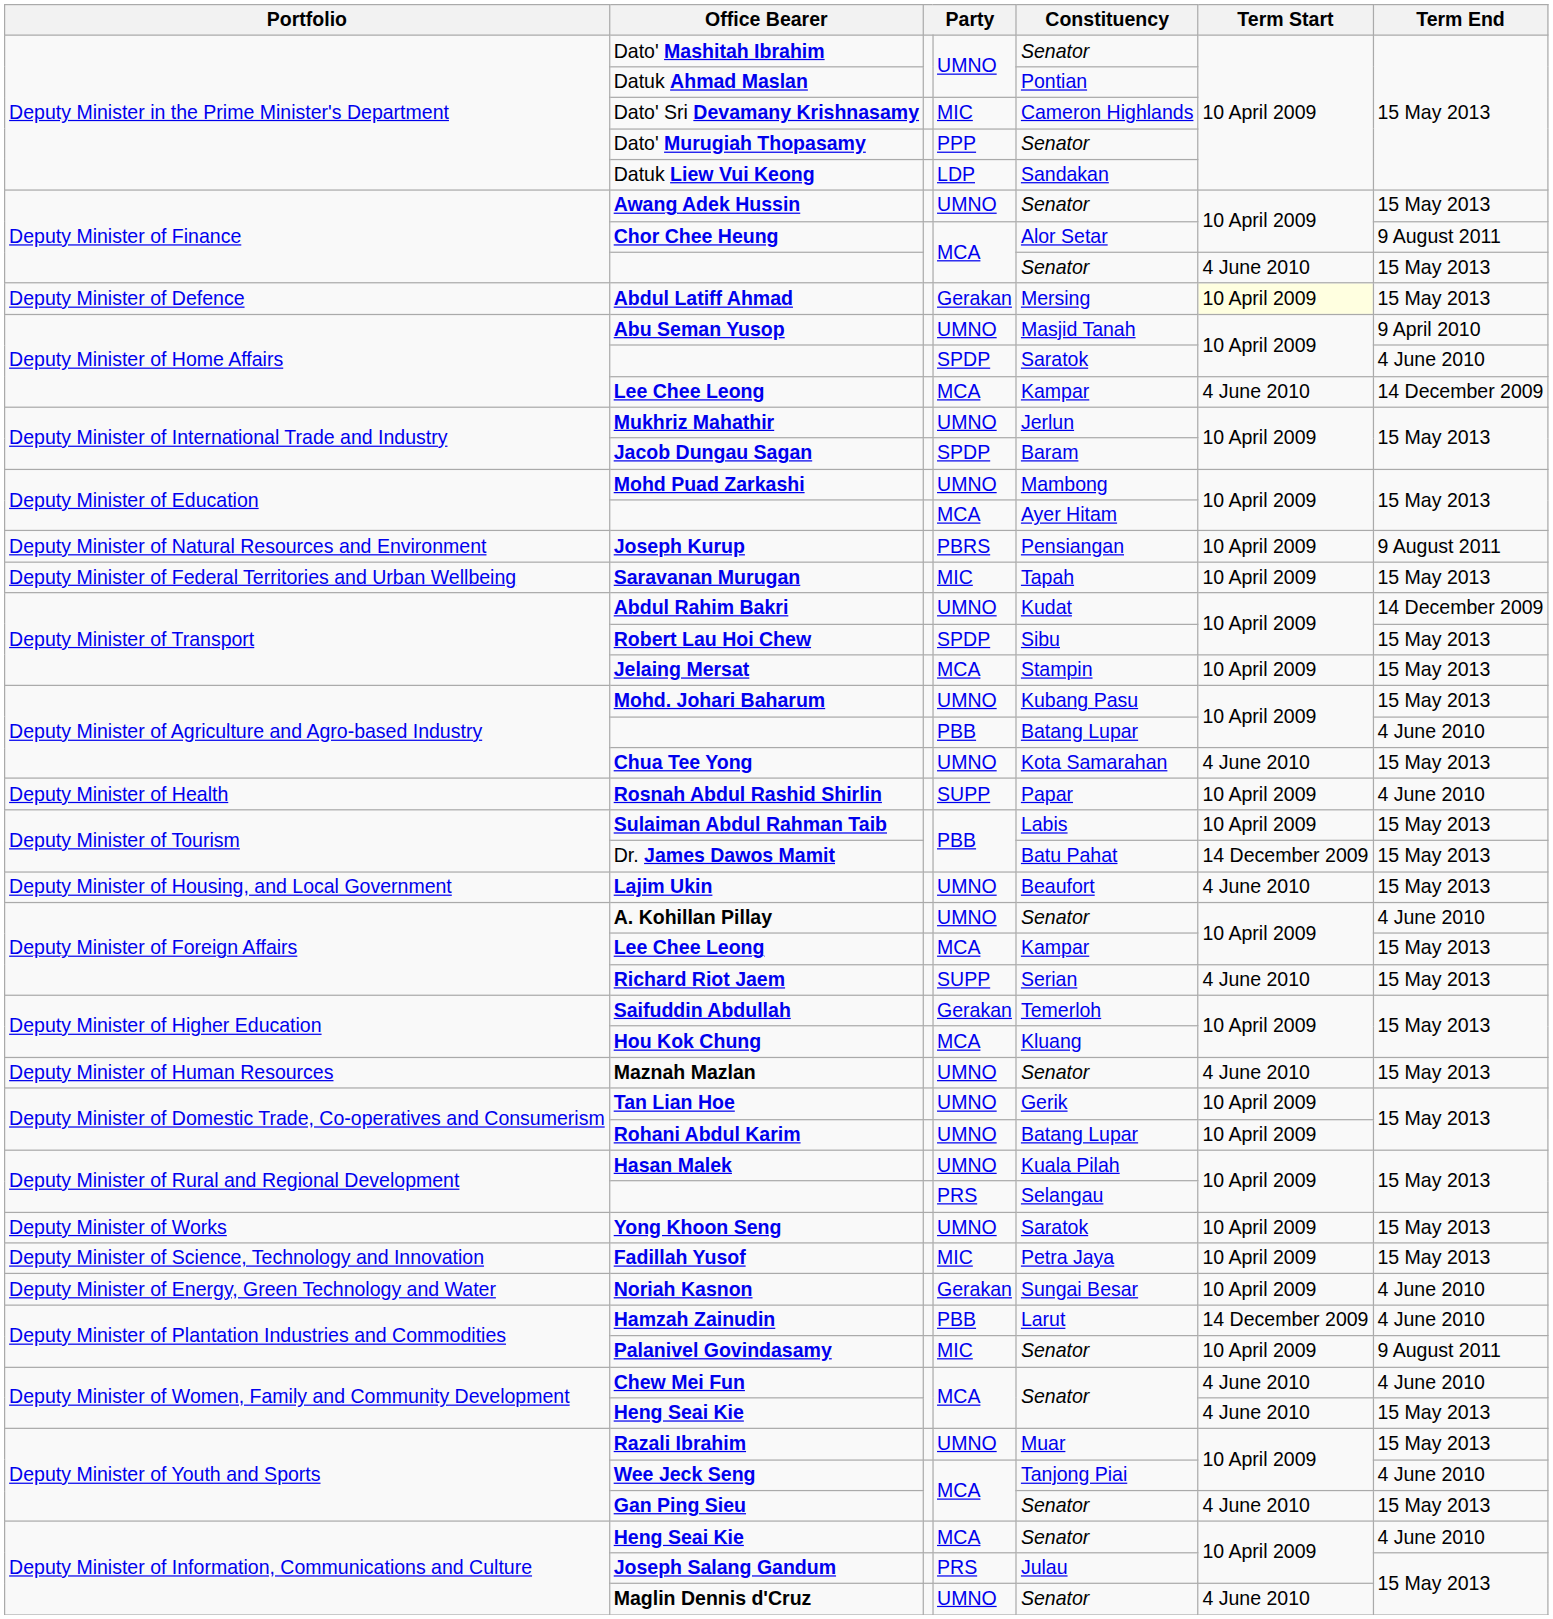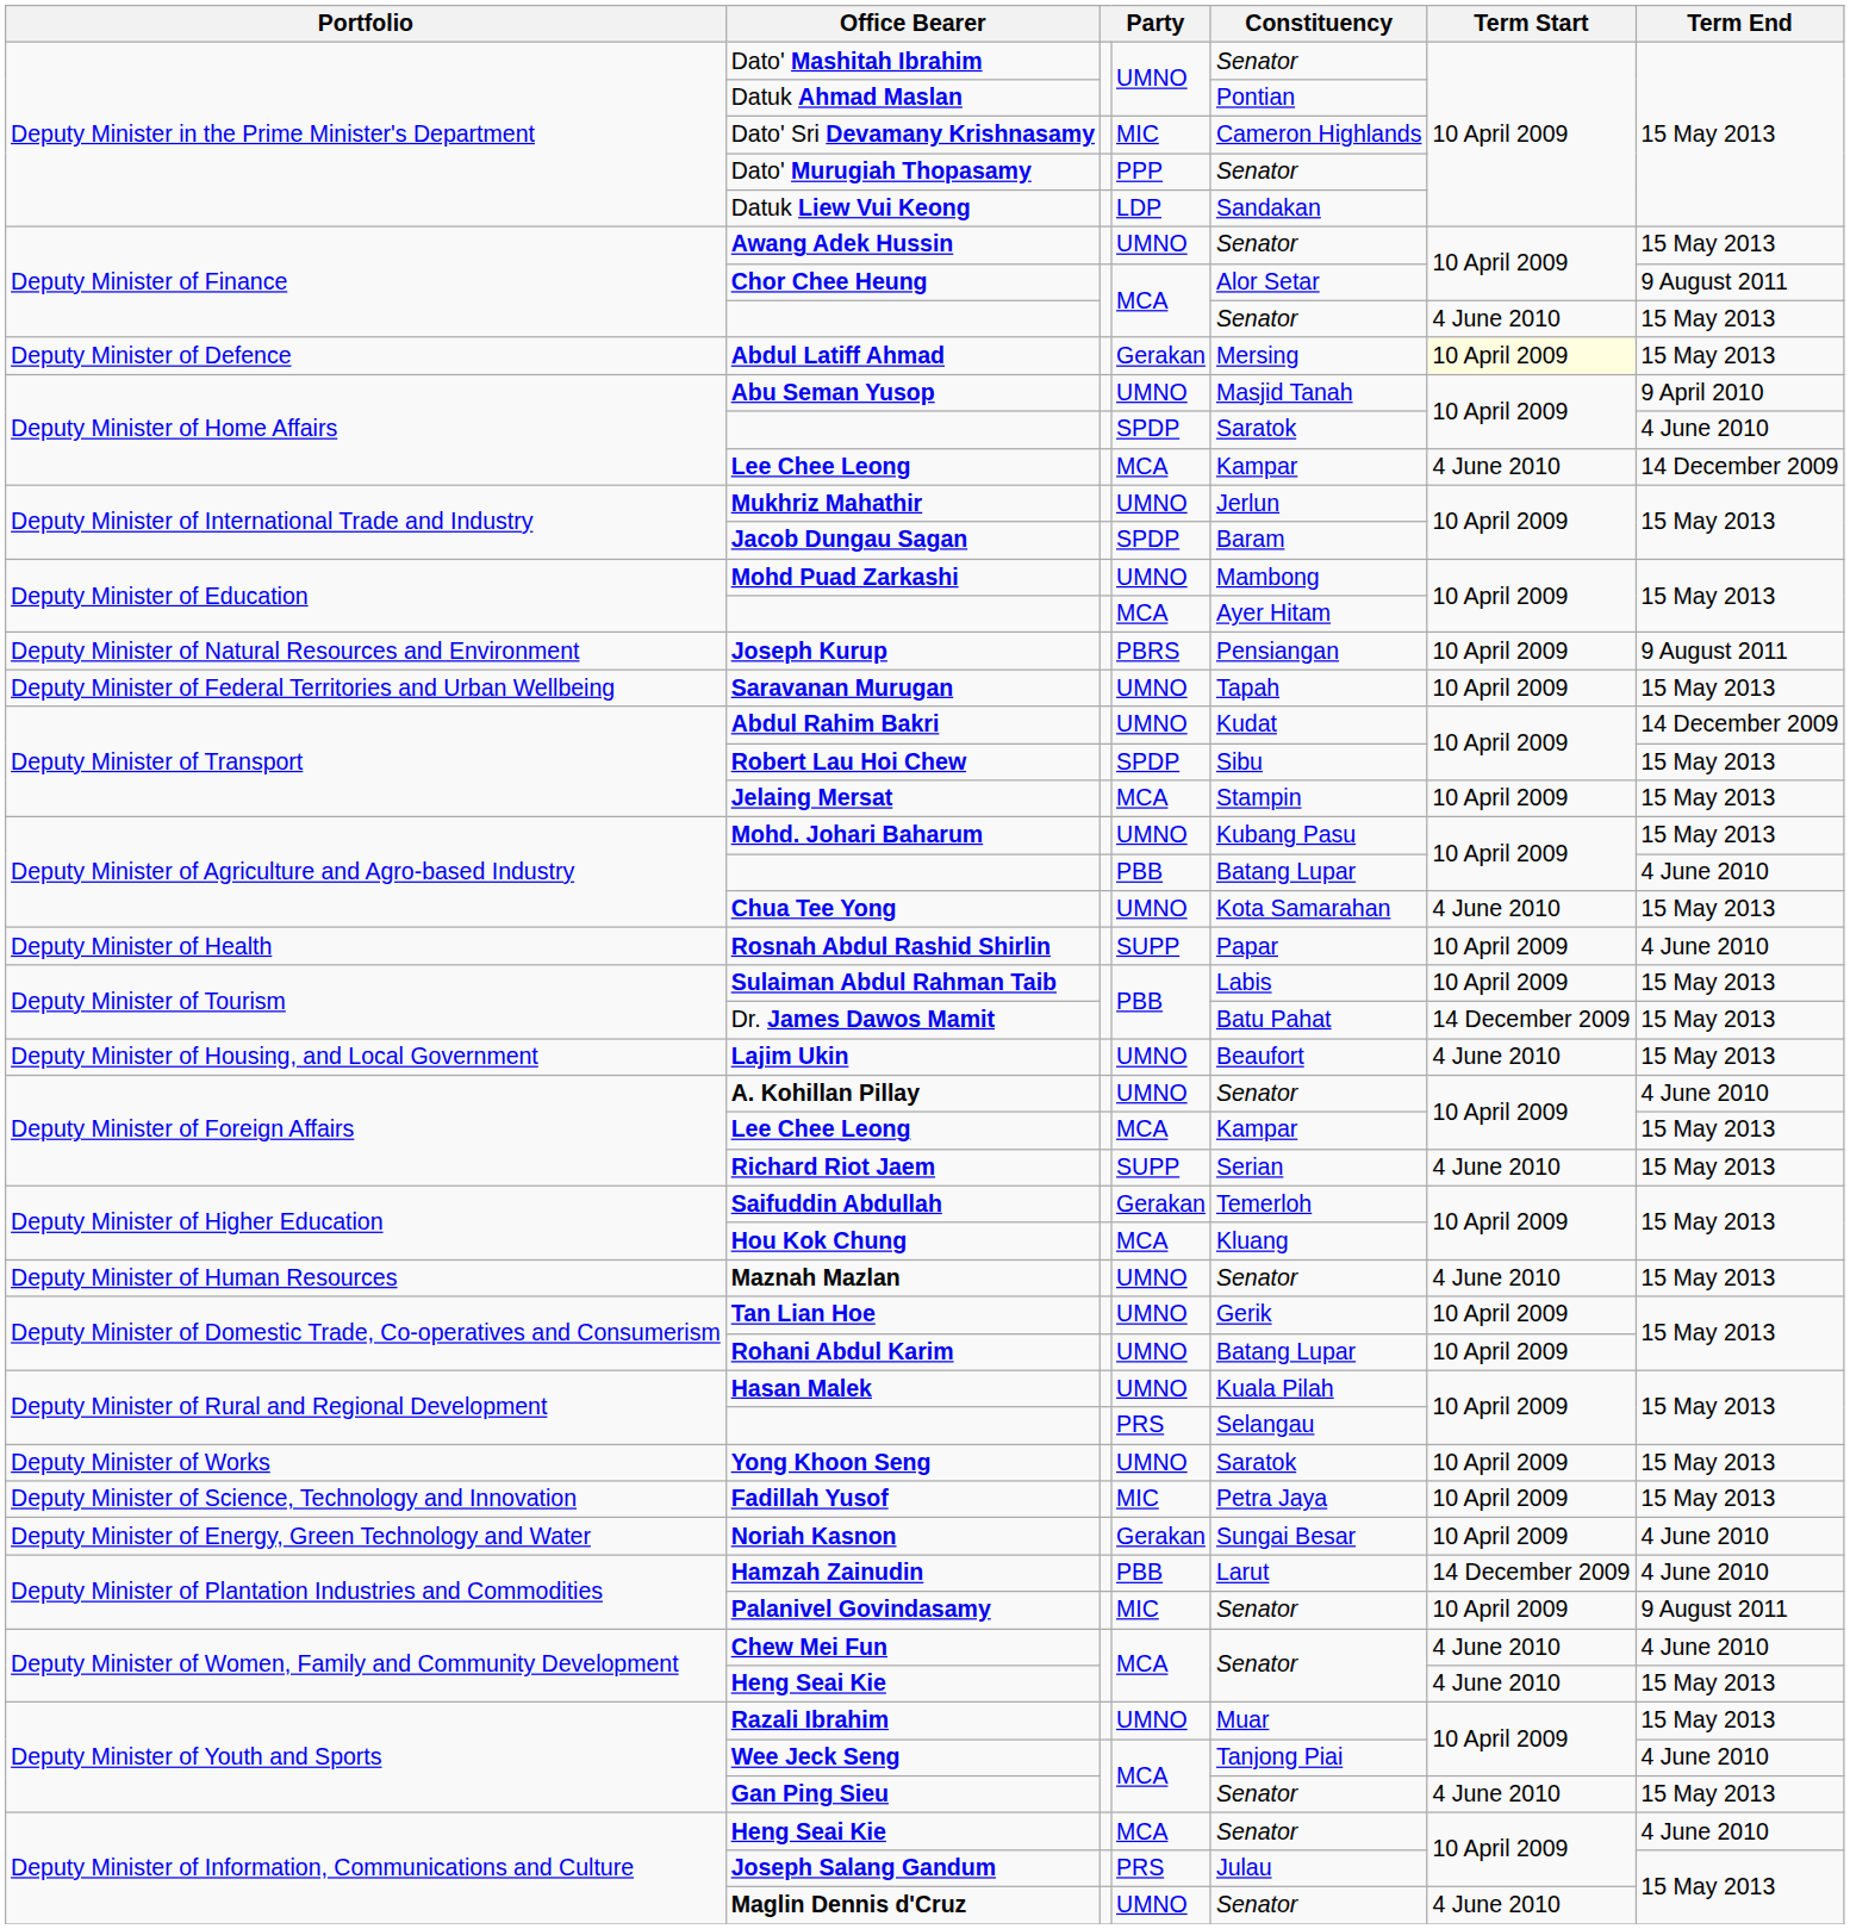 <table class="sortable wikitable">
 <tr>
 <th>Portfolio</th>
 <th>Office Bearer</th>
 <th colspan=2>Party</th>
 <th>Constituency</th>
 <th>Term Start</th>
 <th>Term End</th>
 </tr>
 <tr>
 <td rowspan=5><a href='#'>Deputy Minister in the Prime Minister's Department</a></td>
 <td>Dato' <strong><a href='#'>Mashitah Ibrahim</a></strong></td>
 <td rowspan=2></td>
 <td rowspan=2><a href='#'>UMNO</a></td>
 <td><em>Senator</em></td>
 <td rowspan=5>10 April 2009</td>
 <td rowspan=5>15 May 2013</td>
 </tr>
 <tr>
 <td>Datuk <strong><a href='#'>Ahmad Maslan</a></strong> </td>
 <td><a href='#'>Pontian</a></td>
 </tr>
 <tr>
 <td>Dato' Sri <strong><a href='#'>Devamany Krishnasamy</a></strong> </td>
 <td></td>
 <td><a href='#'>MIC</a></td>
 <td><a href='#'>Cameron Highlands</a></td>
 </tr>
 <tr>
 <td>Dato' <strong><a href='#'>Murugiah Thopasamy</a></strong></td>
 <td></td>
 <td><a href='#'>PPP</a></td>
 <td><em>Senator</em></td>
 </tr>
 <tr>
 <td>Datuk <strong><a href='#'>Liew Vui Keong</a></strong> </td>
 <td></td>
 <td><a href='#'>LDP</a></td>
 <td><a href='#'>Sandakan</a></td>
 </tr>
 <tr>
 <td rowspan="3"><a href='#'>Deputy Minister of Finance</a></td>
 <td><strong><a href='#'>Awang Adek Hussin</a></strong></td>
 <td rowspan=1></td>
 <td><a href='#'>UMNO</a></td>
 <td><em>Senator</em></td>
 <td rowspan=2>10 April 2009</td>
 <td>15 May 2013</td>
 </tr>
 <tr>
 <td><strong><a href='#'>Chor Chee Heung</a></strong></td>
 <td rowspan=2></td>
 <td rowspan=2><a href='#'>MCA</a></td>
 <td><a href='#'>Alor Setar</a></td>
 <td>9 August 2011</td>
 </tr>
 <tr>
 <td><strong></strong></td>
 <td><em>Senator</em></td>
 <td>4 June 2010</td>
 <td>15 May 2013</td>
 </tr>
 <tr>
 <td><a href='#'>Deputy Minister of Defence</a></td>
 <td><strong><a href='#'>Abdul Latiff Ahmad</a></strong></td>
 <td rowspan=1></td>
 <td><a href='#'>Gerakan</a></td>
 <td><a href='#'>Mersing</a></td>
 <td style="background: lightyellow;">10 April 2009</td>
 <td>15 May 2013</td>
 </tr>
 <tr>
 <td rowspan=3><a href='#'>Deputy Minister of Home Affairs</a></td>
 <td><strong><a href='#'>Abu Seman Yusop</a></strong></td>
 <td rowspan=1></td>
 <td><a href='#'>UMNO</a></td>
 <td><a href='#'>Masjid Tanah</a></td>
 <td rowspan=2>10 April 2009</td>
 <td>9 April 2010</td>
 </tr>
 <tr>
 <td><strong></strong></td>
 <td rowspan=1></td>
 <td><a href='#'>SPDP</a></td>
 <td><a href='#'>Saratok</a></td>
 <td>4 June 2010</td>
 </tr>
 <tr>
 <td><strong><a href='#'>Lee Chee Leong</a></strong></td>
 <td rowspan=1></td>
 <td><a href='#'>MCA</a></td>
 <td><a href='#'>Kampar</a></td>
 <td>4 June 2010</td>
 <td>14 December 2009</td>
 </tr>
 <tr>
 <td rowspan="2"><a href='#'>Deputy Minister of International Trade and Industry</a></td>
 <td><strong><a href='#'>Mukhriz Mahathir</a></strong></td>
 <td rowspan=1></td>
 <td><a href='#'>UMNO</a></td>
 <td><a href='#'>Jerlun</a></td>
 <td rowspan=2>10 April 2009</td>
 <td rowspan=2>15 May 2013</td>
 </tr>
 <tr>
 <td><strong><a href='#'>Jacob Dungau Sagan</a></strong></td>
 <td rowspan=1></td>
 <td><a href='#'>SPDP</a></td>
 <td><a href='#'>Baram</a></td>
 </tr>
 <tr>
 <td rowspan="2"><a href='#'>Deputy Minister of Education</a></td>
 <td><strong><a href='#'>Mohd Puad Zarkashi</a></strong></td>
 <td rowspan=1></td>
 <td><a href='#'>UMNO</a></td>
 <td><a href='#'>Mambong</a></td>
 <td rowspan=2>10 April 2009</td>
 <td rowspan=2>15 May 2013</td>
 </tr>
 <tr>
 <td><strong></strong></td>
 <td rowspan=1></td>
 <td><a href='#'>MCA</a></td>
 <td><a href='#'>Ayer Hitam</a></td>
 </tr>
 <tr>
 <td><a href='#'>Deputy Minister of Natural Resources and Environment</a></td>
 <td><strong><a href='#'>Joseph Kurup</a></strong></td>
 <td rowspan=1></td>
 <td><a href='#'>PBRS</a></td>
 <td><a href='#'>Pensiangan</a></td>
 <td>10 April 2009</td>
 <td>9 August 2011</td>
 </tr>
 <tr>
 <td><a href='#'>Deputy Minister of Federal Territories and Urban Wellbeing</a></td>
 <td><strong><a href='#'>Saravanan Murugan</a></strong></td>
 <td rowspan=1></td>
-<td><a href='#'>MIC</a></td>
+<td><a href='#'>UMNO</a></td>
 <td><a href='#'>Tapah</a></td>
 <td>10 April 2009</td>
 <td>15 May 2013</td>
 </tr>
 <tr>
 <td rowspan=3><a href='#'>Deputy Minister of Transport</a></td>
 <td><strong><a href='#'>Abdul Rahim Bakri</a></strong></td>
 <td rowspan=1></td>
 <td><a href='#'>UMNO</a></td>
 <td><a href='#'>Kudat</a></td>
 <td rowspan=2>10 April 2009</td>
 <td>14 December 2009</td>
 </tr>
 <tr>
 <td><strong><a href='#'>Robert Lau Hoi Chew</a></strong></td>
 <td rowspan=1></td>
 <td><a href='#'>SPDP</a></td>
 <td><a href='#'>Sibu</a></td>
 <td>15 May 2013</td>
 </tr>
 <tr>
 <td><strong><a href='#'>Jelaing Mersat</a></strong></td>
 <td rowspan=1></td>
 <td><a href='#'>MCA</a></td>
 <td><a href='#'>Stampin</a></td>
 <td>10 April 2009</td>
 <td>15 May 2013</td>
 </tr>
 <tr>
 <td rowspan=3><a href='#'>Deputy Minister of Agriculture and Agro-based Industry</a></td>
 <td><strong><a href='#'>Mohd. Johari Baharum</a></strong></td>
 <td rowspan=1></td>
 <td><a href='#'>UMNO</a></td>
 <td><a href='#'>Kubang Pasu</a></td>
 <td rowspan=2>10 April 2009</td>
 <td>15 May 2013</td>
 </tr>
 <tr>
 <td><strong></strong></td>
 <td rowspan=1></td>
 <td><a href='#'>PBB</a></td>
 <td><a href='#'>Batang Lupar</a></td>
 <td>4 June 2010</td>
 </tr>
 <tr>
 <td><strong><a href='#'>Chua Tee Yong</a></strong></td>
 <td rowspan=1></td>
 <td><a href='#'>UMNO</a></td>
 <td><a href='#'>Kota Samarahan</a></td>
 <td>4 June 2010</td>
 <td>15 May 2013</td>
 </tr>
 <tr>
 <td><a href='#'>Deputy Minister of Health</a></td>
 <td><strong><a href='#'>Rosnah Abdul Rashid Shirlin</a></strong></td>
 <td rowspan=1></td>
 <td><a href='#'>SUPP</a></td>
 <td><a href='#'>Papar</a></td>
 <td>10 April 2009</td>
 <td>4 June 2010</td>
 </tr>
 <tr>
 <td rowspan=2><a href='#'>Deputy Minister of Tourism</a></td>
 <td><strong><a href='#'>Sulaiman Abdul Rahman Taib</a></strong></td>
 <td rowspan=2></td>
 <td rowspan=2><a href='#'>PBB</a></td>
 <td><a href='#'>Labis</a></td>
 <td>10 April 2009</td>
 <td>15 May 2013</td>
 </tr>
 <tr>
 <td>Dr. <strong><a href='#'>James Dawos Mamit</a></strong></td>
 <td><a href='#'>Batu Pahat</a></td>
 <td>14 December 2009</td>
 <td>15 May 2013</td>
 </tr>
 <tr>
 <td><a href='#'>Deputy Minister of Housing, and Local Government</a></td>
 <td><strong><a href='#'>Lajim Ukin</a></strong></td>
 <td rowspan=1></td>
 <td><a href='#'>UMNO</a></td>
 <td><a href='#'>Beaufort</a></td>
 <td>4 June 2010</td>
 <td>15 May 2013</td>
 </tr>
 <tr>
 <td rowspan=3><a href='#'>Deputy Minister of Foreign Affairs</a></td>
 <td><strong>A. Kohillan Pillay</strong></td>
 <td rowspan=1></td>
 <td><a href='#'>UMNO</a></td>
 <td><em>Senator</em></td>
 <td rowspan=2>10 April 2009</td>
 <td>4 June 2010</td>
 </tr>
 <tr>
 <td><strong><a href='#'>Lee Chee Leong</a></strong></td>
 <td rowspan=1></td>
 <td><a href='#'>MCA</a></td>
 <td><a href='#'>Kampar</a></td>
 <td>15 May 2013</td>
 </tr>
 <tr>
 <td><strong><a href='#'>Richard Riot Jaem</a></strong></td>
 <td rowspan=1></td>
 <td><a href='#'>SUPP</a></td>
 <td><a href='#'>Serian</a></td>
 <td>4 June 2010</td>
 <td>15 May 2013</td>
 </tr>
 <tr>
 <td rowspan=2><a href='#'>Deputy Minister of Higher Education</a></td>
 <td><strong><a href='#'>Saifuddin Abdullah</a></strong></td>
 <td rowspan=1></td>
 <td><a href='#'>Gerakan</a></td>
 <td><a href='#'>Temerloh</a></td>
 <td rowspan=2>10 April 2009</td>
 <td rowspan=2>15 May 2013</td>
 </tr>
 <tr>
 <td><strong><a href='#'>Hou Kok Chung</a></strong></td>
 <td rowspan=1></td>
 <td><a href='#'>MCA</a></td>
 <td><a href='#'>Kluang</a></td>
 </tr>
 <tr>
 <td><a href='#'>Deputy Minister of Human Resources</a></td>
 <td><strong>Maznah Mazlan</strong></td>
 <td rowspan=1></td>
 <td><a href='#'>UMNO</a></td>
 <td><em>Senator</em></td>
 <td>4 June 2010</td>
 <td>15 May 2013</td>
 </tr>
 <tr>
 <td rowspan="2"><a href='#'>Deputy Minister of Domestic Trade, Co-operatives and Consumerism</a></td>
 <td><strong><a href='#'>Tan Lian Hoe</a></strong></td>
 <td rowspan=1></td>
 <td><a href='#'>UMNO</a></td>
 <td><a href='#'>Gerik</a></td>
 <td>10 April 2009</td>
 <td rowspan=2>15 May 2013</td>
 </tr>
 <tr>
 <td><strong><a href='#'>Rohani Abdul Karim</a></strong></td>
 <td rowspan=1></td>
 <td><a href='#'>UMNO</a></td>
 <td><a href='#'>Batang Lupar</a></td>
 <td>10 April 2009</td>
 </tr>
 <tr>
 <td rowspan="2"><a href='#'>Deputy Minister of Rural and Regional Development</a></td>
 <td><strong><a href='#'>Hasan Malek</a></strong></td>
 <td rowspan=1></td>
 <td><a href='#'>UMNO</a></td>
 <td><a href='#'>Kuala Pilah</a></td>
 <td rowspan=2>10 April 2009</td>
 <td rowspan=2>15 May 2013</td>
 </tr>
 <tr>
 <td><strong></strong></td>
 <td rowspan=1></td>
 <td><a href='#'>PRS</a></td>
 <td><a href='#'>Selangau</a></td>
 </tr>
 <tr>
 <td><a href='#'>Deputy Minister of Works</a></td>
 <td><strong><a href='#'>Yong Khoon Seng</a></strong></td>
 <td rowspan=1></td>
 <td><a href='#'>UMNO</a></td>
 <td><a href='#'>Saratok</a></td>
 <td>10 April 2009</td>
 <td>15 May 2013</td>
 </tr>
 <tr>
 <td><a href='#'>Deputy Minister of Science, Technology and Innovation</a></td>
 <td><strong><a href='#'>Fadillah Yusof</a></strong></td>
 <td rowspan=1></td>
 <td><a href='#'>MIC</a></td>
 <td><a href='#'>Petra Jaya</a></td>
 <td>10 April 2009</td>
 <td>15 May 2013</td>
 </tr>
 <tr>
 <td><a href='#'>Deputy Minister of Energy, Green Technology and Water</a></td>
 <td><strong><a href='#'>Noriah Kasnon</a></strong></td>
 <td rowspan=1></td>
 <td><a href='#'>Gerakan</a></td>
 <td><a href='#'>Sungai Besar</a></td>
 <td>10 April 2009</td>
 <td>4 June 2010</td>
 </tr>
 <tr>
 <td rowspan="2"><a href='#'>Deputy Minister of Plantation Industries and Commodities</a></td>
 <td><strong><a href='#'>Hamzah Zainudin</a></strong></td>
 <td rowspan=1></td>
 <td><a href='#'>PBB</a></td>
 <td><a href='#'>Larut</a></td>
 <td>14 December 2009</td>
 <td>4 June 2010</td>
 </tr>
 <tr>
 <td><strong><a href='#'>Palanivel Govindasamy</a></strong></td>
 <td></td>
 <td><a href='#'>MIC</a></td>
 <td><em>Senator</em></td>
 <td>10 April 2009</td>
 <td>9 August 2011</td>
 </tr>
 <tr>
 <td rowspan="2"><a href='#'>Deputy Minister of Women, Family and Community Development</a></td>
 <td><strong><a href='#'>Chew Mei Fun</a></strong></td>
 <td rowspan=2></td>
 <td rowspan=2><a href='#'>MCA</a></td>
 <td rowspan=2><em>Senator</em></td>
 <td>4 June 2010</td>
 <td>4 June 2010</td>
 </tr>
 <tr>
 <td><strong><a href='#'>Heng Seai Kie</a></strong></td>
 <td>4 June 2010</td>
 <td>15 May 2013</td>
 </tr>
 <tr>
 <td rowspan=3><a href='#'>Deputy Minister of Youth and Sports</a></td>
 <td><strong><a href='#'>Razali Ibrahim</a></strong></td>
 <td rowspan=1></td>
 <td><a href='#'>UMNO</a></td>
 <td><a href='#'>Muar</a></td>
 <td rowspan=2>10 April 2009</td>
 <td>15 May 2013</td>
 </tr>
 <tr>
 <td><strong><a href='#'>Wee Jeck Seng</a></strong></td>
 <td rowspan=2></td>
 <td rowspan=2><a href='#'>MCA</a></td>
 <td><a href='#'>Tanjong Piai</a></td>
 <td>4 June 2010</td>
 </tr>
 <tr>
 <td><strong><a href='#'>Gan Ping Sieu</a></strong></td>
 <td><em>Senator</em></td>
 <td>4 June 2010</td>
 <td>15 May 2013</td>
 </tr>
 <tr>
 <td rowspan=3><a href='#'>Deputy Minister of Information, Communications and Culture</a></td>
 <td><strong><a href='#'>Heng Seai Kie</a></strong></td>
 <td rowspan=1></td>
 <td><a href='#'>MCA</a></td>
 <td><em>Senator</em></td>
 <td rowspan=2>10 April 2009</td>
 <td>4 June 2010</td>
 </tr>
 <tr>
 <td><strong><a href='#'>Joseph Salang Gandum</a></strong></td>
 <td rowspan=1></td>
 <td><a href='#'>PRS</a></td>
 <td><a href='#'>Julau</a></td>
 <td rowspan=2>15 May 2013</td>
 </tr>
 <tr>
 <td><strong>Maglin Dennis d'Cruz</strong></td>
 <td rowspan=1></td>
 <td><a href='#'>UMNO</a></td>
 <td><em>Senator</em></td>
 <td>4 June 2010</td>
 </tr>
 </table>
